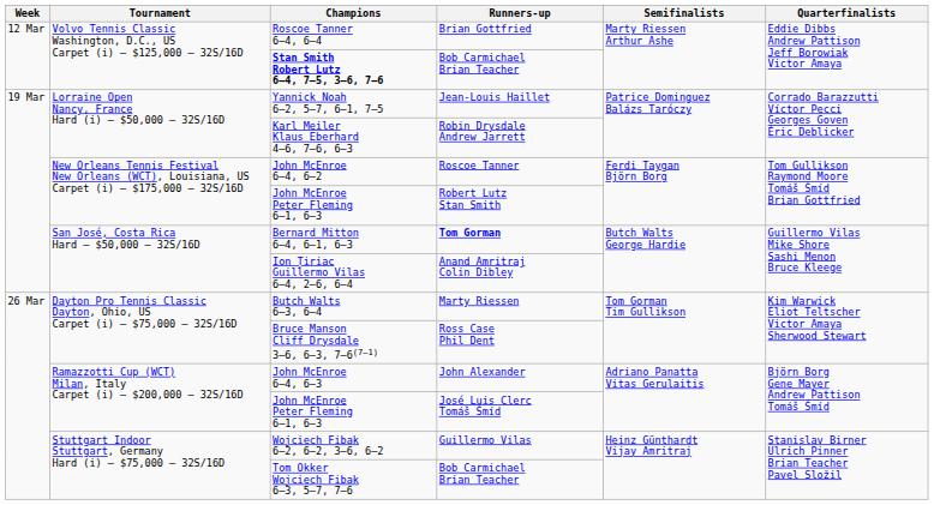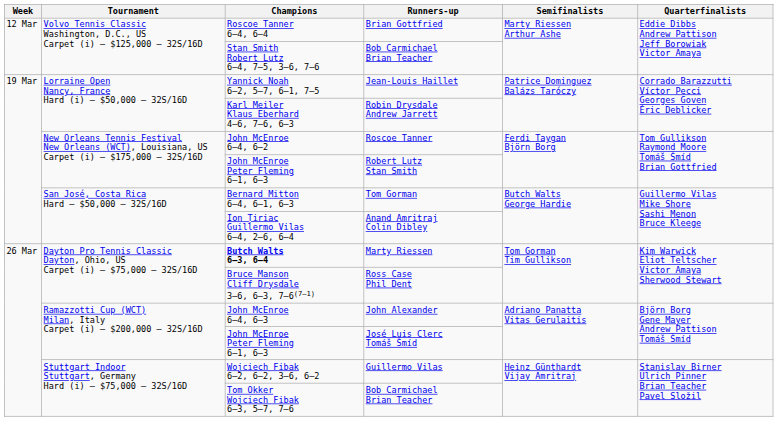 <table class=wikitable style=font-size:95%>
 <tr>
 <th style="width:48px;">Week</th>
 <th style="width:260px;">Tournament</th>
 <th style="width:195px;">Champions</th>
 <th style="width:195px;">Runners-up</th>
 <th style="width:190px;">Semifinalists</th>
 <th style="width:190px;">Quarterfinalists</th>
 </tr>
 <tr valign=top>
 <td rowspan=2>12 Mar</td>
 <td rowspan=2><a href='#'>Volvo Tennis Classic</a> <br> Washington, D.C., US <br> Carpet (i) – $125,000 – 32S/16D</td>
 <td> <a href='#'>Roscoe Tanner</a> <br> 6–4, 6–4</td>
 <td> <a href='#'>Brian Gottfried</a></td>
 <td rowspan=2> <a href='#'>Marty Riessen</a> <br>  <a href='#'>Arthur Ashe</a></td>
 <td rowspan=2> <a href='#'>Eddie Dibbs</a> <br>  <a href='#'>Andrew Pattison</a> <br>  <a href='#'>Jeff Borowiak</a> <br>  <a href='#'>Victor Amaya</a></td>
 </tr>
 <tr valign=top>
-<td><strong> <a href='#'>Stan Smith</a> <br>  <a href='#'>Robert Lutz</a> <br> 6–4, 7–5, 3–6, 7–6</strong></td>
+<td> <a href='#'>Stan Smith</a> <br>  <a href='#'>Robert Lutz</a> <br> 6–4, 7–5, 3–6, 7–6</td>
 <td> <a href='#'>Bob Carmichael</a> <br>  <a href='#'>Brian Teacher</a></td>
 </tr>
 <tr valign=top>
 <td rowspan=6>19 Mar</td>
 <td rowspan=2><a href='#'>Lorraine Open</a> <br> <a href='#'>Nancy, France</a> <br> Hard (i) – $50,000 – 32S/16D</td>
 <td> <a href='#'>Yannick Noah</a> <br> 6–2, 5–7, 6–1, 7–5</td>
 <td> <a href='#'>Jean-Louis Haillet</a></td>
 <td rowspan=2> <a href='#'>Patrice Dominguez</a> <br>  <a href='#'>Balázs Taróczy</a></td>
 <td rowspan=2> <a href='#'>Corrado Barazzutti</a> <br>  <a href='#'>Víctor Pecci</a> <br>  <a href='#'>Georges Goven</a> <br>  <a href='#'>Éric Deblicker</a></td>
 </tr>
 <tr valign=top>
 <td> <a href='#'>Karl Meiler</a> <br>  <a href='#'>Klaus Eberhard</a> <br> 4–6, 7–6, 6–3</td>
 <td> <a href='#'>Robin Drysdale</a> <br>  <a href='#'>Andrew Jarrett</a></td>
 </tr>
 <tr valign=top>
 <td rowspan=2><a href='#'>New Orleans Tennis Festival</a> <br> <a href='#'>New Orleans (WCT)</a>, Louisiana, US <br> Carpet (i) – $175,000 – 32S/16D</td>
 <td> <a href='#'>John McEnroe</a> <br> 6–4, 6–2</td>
 <td> <a href='#'>Roscoe Tanner</a></td>
 <td rowspan=2> <a href='#'>Ferdi Taygan</a> <br>  <a href='#'>Björn Borg</a></td>
 <td rowspan=2> <a href='#'>Tom Gullikson</a> <br>  <a href='#'>Raymond Moore</a> <br>  <a href='#'>Tomáš Šmíd</a> <br>  <a href='#'>Brian Gottfried</a></td>
 </tr>
 <tr valign=top>
 <td> <a href='#'>John McEnroe</a> <br>  <a href='#'>Peter Fleming</a> <br> 6–1, 6–3</td>
 <td> <a href='#'>Robert Lutz</a> <br>  <a href='#'>Stan Smith</a></td>
 </tr>
 <tr valign=top>
 <td rowspan=2><a href='#'>San José, Costa Rica</a> <br> Hard – $50,000 – 32S/16D</td>
 <td> <a href='#'>Bernard Mitton</a> <br> 6–4, 6–1, 6–3</td>
-<td><strong> <a href='#'>Tom Gorman</a></strong></td>
+<td> <a href='#'>Tom Gorman</a></td>
 <td rowspan=2> <a href='#'>Butch Walts</a> <br>  <a href='#'>George Hardie</a></td>
 <td rowspan=2> <a href='#'>Guillermo Vilas</a> <br>  <a href='#'>Mike Shore</a> <br>  <a href='#'>Sashi Menon</a> <br>  <a href='#'>Bruce Kleege</a></td>
 </tr>
 <tr valign=top>
 <td> <a href='#'>Ion Țiriac</a> <br>  <a href='#'>Guillermo Vilas</a> <br> 6–4, 2–6, 6–4</td>
 <td> <a href='#'>Anand Amritraj</a> <br>  <a href='#'>Colin Dibley</a></td>
 </tr>
 <tr valign=top>
 <td rowspan=6>26 Mar</td>
 <td rowspan=2><a href='#'>Dayton Pro Tennis Classic</a> <br> <a href='#'>Dayton</a>, Ohio, US <br> Carpet (i) – $75,000 – 32S/16D</td>
-<td> <a href='#'>Butch Walts</a> <br> 6–3, 6–4</td>
+<td><strong> <a href='#'>Butch Walts</a> <br> 6–3, 6–4</strong></td>
 <td> <a href='#'>Marty Riessen</a></td>
 <td rowspan=2> <a href='#'>Tom Gorman</a> <br>  <a href='#'>Tim Gullikson</a></td>
 <td rowspan=2> <a href='#'>Kim Warwick</a> <br>  <a href='#'>Eliot Teltscher</a> <br> <a href='#'>Victor Amaya</a> <br>  <a href='#'>Sherwood Stewart</a></td>
 </tr>
 <tr valign=top>
 <td> <a href='#'>Bruce Manson</a> <br>  <a href='#'>Cliff Drysdale</a> <br> 3–6, 6–3, 7–6<sup>(7–1)</sup></td>
 <td> <a href='#'>Ross Case</a> <br>  <a href='#'>Phil Dent</a></td>
 </tr>
 <tr valign=top>
 <td rowspan=2><a href='#'>Ramazzotti Cup (WCT)</a> <br> <a href='#'>Milan</a>, Italy <br> Carpet (i) – $200,000 – 32S/16D</td>
 <td> <a href='#'>John McEnroe</a> <br> 6–4, 6–3</td>
 <td> <a href='#'>John Alexander</a></td>
 <td rowspan=2> <a href='#'>Adriano Panatta</a> <br>  <a href='#'>Vitas Gerulaitis</a></td>
 <td rowspan=2> <a href='#'>Björn Borg</a> <br>  <a href='#'>Gene Mayer</a> <br>  <a href='#'>Andrew Pattison</a> <br>  <a href='#'>Tomáš Šmíd</a></td>
 </tr>
 <tr valign=top>
 <td> <a href='#'>John McEnroe</a> <br>  <a href='#'>Peter Fleming</a> <br> 6–1, 6–3</td>
 <td> <a href='#'>José Luis Clerc</a> <br>  <a href='#'>Tomáš Šmíd</a></td>
 </tr>
 <tr valign=top>
 <td rowspan=2><a href='#'>Stuttgart Indoor</a> <br> <a href='#'>Stuttgart</a>, Germany <br> Hard (i) – $75,000 – 32S/16D</td>
 <td> <a href='#'>Wojciech Fibak</a> <br> 6–2, 6–2, 3–6, 6–2</td>
 <td> <a href='#'>Guillermo Vilas</a></td>
 <td rowspan=2> <a href='#'>Heinz Günthardt</a> <br>  <a href='#'>Vijay Amritraj</a></td>
 <td rowspan=2> <a href='#'>Stanislav Birner</a> <br>  <a href='#'>Ulrich Pinner</a> <br>  <a href='#'>Brian Teacher</a> <br>  <a href='#'>Pavel Složil</a></td>
 </tr>
 <tr valign=top>
 <td> <a href='#'>Tom Okker</a> <br>  <a href='#'>Wojciech Fibak</a> <br> 6–3, 5–7, 7–6</td>
 <td> <a href='#'>Bob Carmichael</a> <br>  <a href='#'>Brian Teacher</a></td>
 </tr>
 </table>
